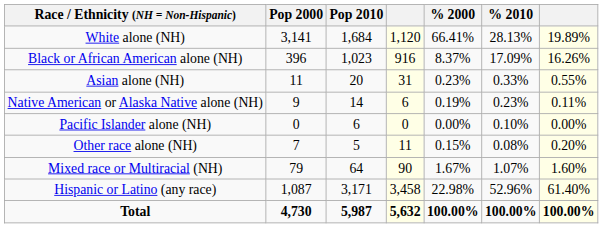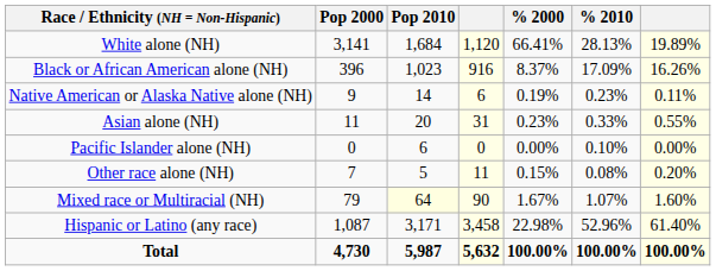 <table class="wikitable" style="text-align:center;">
 <tr>
 <th>Race / Ethnicity <small>(<em>NH = Non-Hispanic</em>)</small></th>
 <th>Pop 2000</th>
 <th>Pop 2010</th>
 <th></th>
 <th>% 2000</th>
 <th>% 2010</th>
 <th></th>
 </tr>
 <tr>
 <td><a href='#'>White</a> alone (NH)</td>
 <td>3,141</td>
 <td>1,684</td>
 <td style='background: #ffffe6;'>1,120</td>
 <td>66.41%</td>
 <td>28.13%</td>
 <td style='background: #ffffe6;'>19.89%</td>
 </tr>
 <tr>
 <td><a href='#'>Black or African American</a> alone (NH)</td>
 <td>396</td>
 <td>1,023</td>
 <td style='background: #ffffe6;'>916</td>
 <td>8.37%</td>
 <td>17.09%</td>
 <td style='background: #ffffe6;'>16.26%</td>
 </tr>
 <tr>
+<td><a href='#'>Native American</a> or <a href='#'>Alaska Native</a> alone (NH)</td>
+<td>9</td>
+<td>14</td>
+<td style='background: #ffffe6;'>6</td>
+<td>0.19%</td>
+<td>0.23%</td>
+<td style='background: #ffffe6;'>0.11%</td>
+</tr>
+<tr>
 <td><a href='#'>Asian</a> alone (NH)</td>
 <td>11</td>
 <td>20</td>
 <td style='background: #ffffe6;'>31</td>
 <td>0.23%</td>
 <td>0.33%</td>
 <td style='background: #ffffe6;'>0.55%</td>
-</tr>
-<tr>
-<td><a href='#'>Native American</a> or <a href='#'>Alaska Native</a> alone (NH)</td>
-<td>9</td>
-<td>14</td>
-<td style='background: #ffffe6;'>6</td>
-<td>0.19%</td>
-<td>0.23%</td>
-<td style='background: #ffffe6;'>0.11%</td>
 </tr>
 <tr>
 <td><a href='#'>Pacific Islander</a> alone (NH)</td>
 <td>0</td>
 <td>6</td>
 <td style='background: #ffffe6;'>0</td>
 <td>0.00%</td>
 <td>0.10%</td>
 <td style='background: #ffffe6;'>0.00%</td>
 </tr>
 <tr>
 <td><a href='#'>Other race</a> alone (NH)</td>
 <td>7</td>
 <td>5</td>
 <td style='background: #ffffe6;'>11</td>
 <td>0.15%</td>
 <td>0.08%</td>
 <td style='background: #ffffe6;'>0.20%</td>
 </tr>
 <tr>
 <td><a href='#'>Mixed race or Multiracial</a> (NH)</td>
 <td>79</td>
-<td>64</td>
+<td style="background: lightyellow;">64</td>
 <td style='background: #ffffe6;'>90</td>
 <td>1.67%</td>
 <td>1.07%</td>
 <td style='background: #ffffe6;'>1.60%</td>
 </tr>
 <tr>
 <td><a href='#'>Hispanic or Latino</a> (any race)</td>
 <td>1,087</td>
 <td>3,171</td>
 <td style='background: #ffffe6;'>3,458</td>
 <td>22.98%</td>
 <td>52.96%</td>
 <td style='background: #ffffe6;'>61.40%</td>
 </tr>
 <tr>
 <td><strong>Total</strong></td>
 <td><strong>4,730</strong></td>
 <td><strong>5,987</strong></td>
 <td style='background: #ffffe6;'><strong>5,632</strong></td>
 <td><strong>100.00%</strong></td>
 <td><strong>100.00%</strong></td>
 <td style='background: #ffffe6;'><strong>100.00%</strong></td>
 </tr>
 </table>
